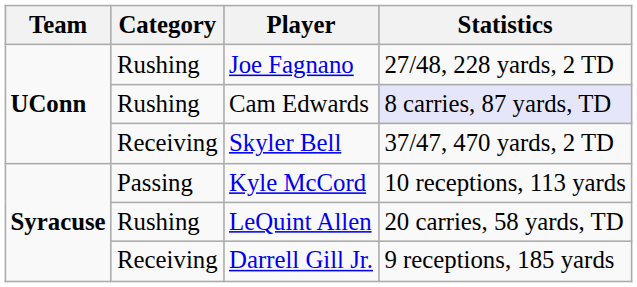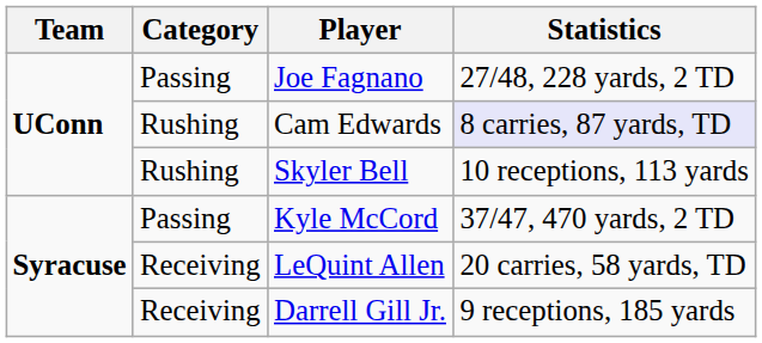 <table class="wikitable" style="float: right;">
 <tr>
 <th>Team</th>
 <th>Category</th>
 <th>Player</th>
 <th>Statistics</th>
 </tr>
 <tr>
 <td rowspan=3><strong>UConn</strong></td>
-<td>Rushing</td>
+<td>Passing</td>
 <td><a href='#'>Joe Fagnano</a></td>
 <td>27/48, 228 yards, 2 TD</td>
 </tr>
 <tr>
 <td>Rushing</td>
 <td>Cam Edwards</td>
 <td style="background: lavender;">8 carries, 87 yards, TD</td>
 </tr>
 <tr>
-<td>Receiving</td>
+<td>Rushing</td>
 <td><a href='#'>Skyler Bell</a></td>
-<td>37/47, 470 yards, 2 TD</td>
+<td>10 receptions, 113 yards</td>
 </tr>
 <tr>
 <td rowspan=3><strong>Syracuse</strong></td>
 <td>Passing</td>
 <td><a href='#'>Kyle McCord</a></td>
-<td>10 receptions, 113 yards</td>
+<td>37/47, 470 yards, 2 TD</td>
 </tr>
 <tr>
-<td>Rushing</td>
+<td>Receiving</td>
 <td><a href='#'>LeQuint Allen</a></td>
 <td>20 carries, 58 yards, TD</td>
 </tr>
 <tr>
 <td>Receiving</td>
 <td><a href='#'>Darrell Gill Jr.</a></td>
 <td>9 receptions, 185 yards</td>
 </tr>
 </table>
